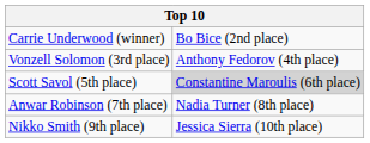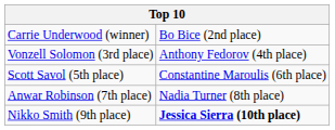 <table class="wikitable" align="center">
 <tr>
 <th colspan="2">Top 10</th>
 </tr>
 <tr>
 <td><a href='#'>Carrie Underwood</a> (winner)</td>
 <td><a href='#'>Bo Bice</a> (2nd place)</td>
 </tr>
 <tr>
 <td><a href='#'>Vonzell Solomon</a> (3rd place)</td>
 <td><a href='#'>Anthony Fedorov</a> (4th place)</td>
 </tr>
 <tr>
 <td><a href='#'>Scott Savol</a> (5th place)</td>
-<td style="background: lightgrey;"><a href='#'>Constantine Maroulis</a> (6th place)</td>
+<td><a href='#'>Constantine Maroulis</a> (6th place)</td>
 </tr>
 <tr>
 <td><a href='#'>Anwar Robinson</a> (7th place)</td>
 <td><a href='#'>Nadia Turner</a> (8th place)</td>
 </tr>
 <tr>
 <td><a href='#'>Nikko Smith</a> (9th place)</td>
-<td><a href='#'>Jessica Sierra</a> (10th place)</td>
+<td><strong><a href='#'>Jessica Sierra</a> (10th place)</strong></td>
 </tr>
 </table>
